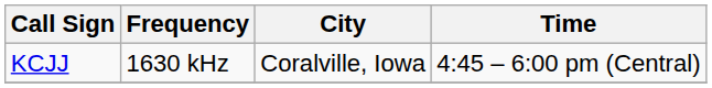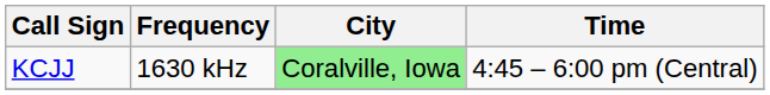 <table class="wikitable">
 <tr>
 <th>Call Sign</th>
 <th>Frequency</th>
 <th>City</th>
 <th>Time</th>
 </tr>
 <tr>
 <td><a href='#'>KCJJ</a></td>
 <td>1630 kHz</td>
-<td>Coralville, Iowa</td>
+<td style="background: lightgreen;">Coralville, Iowa</td>
 <td>4:45 – 6:00 pm (Central)</td>
 </tr>
 <tr>
 </tr>
 </table>
